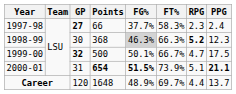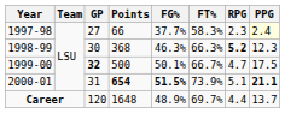 <table class="wikitable sortable">
 <tr>
 <th>Year</th>
 <th>Team</th>
 <th>GP</th>
 <th>Points</th>
 <th>FG%</th>
 <th>FT%</th>
 <th>RPG</th>
 <th>PPG</th>
 </tr>
 <tr>
 <td>1997-98</td>
 <td rowspan=4>LSU</td>
-<td><strong>27</strong></td>
+<td>27</td>
 <td>66</td>
 <td>37.7%</td>
 <td>58.3%</td>
 <td>2.3</td>
-<td>2.4</td>
+<td style="background: lightyellow;">2.4</td>
 </tr>
 <tr>
 <td>1998-99</td>
 <td>30</td>
 <td>368</td>
-<td style="background: lightgrey;">46.3%</td>
+<td>46.3%</td>
 <td>66.3%</td>
 <td><strong>5.2</strong></td>
 <td>12.3</td>
 </tr>
 <tr>
 <td>1999-00</td>
 <td><strong>32</strong></td>
 <td>500</td>
 <td>50.1%</td>
 <td>66.7%</td>
 <td>4.7</td>
 <td>17.5</td>
 </tr>
 <tr>
 <td>2000-01</td>
 <td>31</td>
 <td><strong>654</strong></td>
 <td><strong>51.5%</strong></td>
 <td>73.9%</td>
 <td>5.1</td>
 <td><strong>21.1</strong></td>
 </tr>
 <tr class="sortbottom">
 <td align=center colspan=2><strong>Career</strong></td>
 <td>120</td>
 <td>1648</td>
 <td>48.9%</td>
 <td>69.7%</td>
 <td>4.4</td>
 <td>13.7</td>
 </tr>
 </table>
